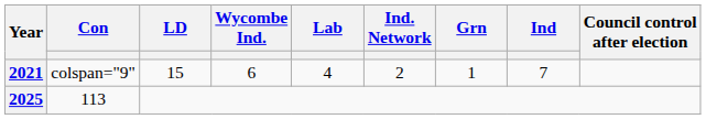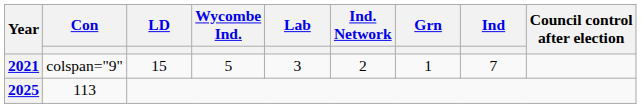 <table class="wikitable plainrowheaders" style=text-align:center>
 <tr>
 <th rowspan=2>Year</th>
 <th width="60"><a href='#'>Con</a></th>
 <th width="60"><a href='#'>LD</a></th>
 <th width="60"><a href='#'>Wycombe Ind.</a></th>
 <th width="60"><a href='#'>Lab</a></th>
 <th width="60"><a href='#'>Ind. Network</a></th>
 <th width="60"><a href='#'>Grn</a></th>
 <th width="60"><a href='#'>Ind</a></th>
 <th colspan="2" rowspan="2">Council control<br>after election</th>
 </tr>
 <tr>
 <th style="background-color: "></th>
 <th style="background-color: "></th>
 <th style="background-color: "></th>
 <th style="background-color: "></th>
 <th style="background-color: "></th>
 <th style="background-color: "></th>
 <th style="background-color: "></th>
 </tr>
 <tr>
 <th scope="row"><a href='#'>2021</a></th>
 <td>colspan="9" </td>
 <td>15</td>
-<td>6</td>
-<td>4</td>
+<td>5</td>
+<td>3</td>
 <td>2</td>
 <td>1</td>
 <td>7</td>
 <td></td>
 </tr>
 <tr>
 <th scope="row"><a href='#'>2025</a></th>
 <td>113</td>
 </tr>
 </table>
